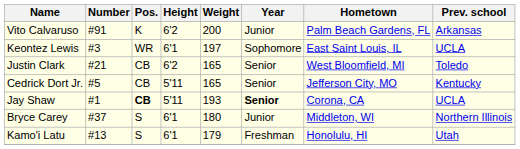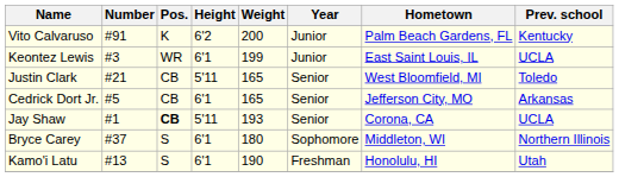 <table class="wikitable sortable">
 <tr>
 <th>Name</th>
 <th>Number</th>
 <th>Pos.</th>
 <th>Height</th>
 <th>Weight</th>
 <th>Year</th>
 <th>Hometown</th>
 <th class="unsortable">Prev. school</th>
 </tr>
 <tr style="background:#FFFFE6;">
 <td>Vito Calvaruso</td>
 <td>#91</td>
 <td>K</td>
 <td>6'2</td>
 <td>200</td>
 <td>Junior </td>
 <td><a href='#'>Palm Beach Gardens, FL</a></td>
-<td><a href='#'>Arkansas</a></td>
+<td><a href='#'>Kentucky</a></td>
 </tr>
 <tr style="background:#FFFFE6;">
 <td>Keontez Lewis</td>
 <td>#3</td>
 <td>WR</td>
 <td>6'1</td>
-<td>197</td>
-<td>Sophomore</td>
+<td>199</td>
+<td>Junior</td>
 <td><a href='#'>East Saint Louis, IL</a></td>
 <td><a href='#'>UCLA</a></td>
 </tr>
 <tr style="background:#FFFFE6;">
 <td>Justin Clark</td>
 <td>#21</td>
 <td>CB</td>
-<td>6'2</td>
+<td>5'11</td>
 <td>165</td>
 <td>Senior</td>
 <td><a href='#'>West Bloomfield, MI</a></td>
 <td><a href='#'>Toledo</a></td>
 </tr>
 <tr style="background:#FFFFE6;">
 <td>Cedrick Dort Jr.</td>
 <td>#5</td>
 <td>CB</td>
-<td>5'11</td>
+<td>6'1</td>
 <td>165</td>
 <td>Senior </td>
 <td><a href='#'>Jefferson City, MO</a></td>
-<td><a href='#'>Kentucky</a></td>
+<td><a href='#'>Arkansas</a></td>
 </tr>
 <tr style="background:#FFFFE6;">
 <td>Jay Shaw</td>
 <td>#1</td>
 <td><strong>CB</strong></td>
 <td>5'11</td>
 <td>193</td>
-<td><strong>Senior </strong></td>
+<td>Senior </td>
 <td><a href='#'>Corona, CA</a></td>
 <td><a href='#'>UCLA</a></td>
 </tr>
 <tr style="background:#FFFFE6;">
 <td>Bryce Carey</td>
 <td>#37</td>
 <td>S</td>
 <td>6'1</td>
 <td>180</td>
-<td>Junior</td>
+<td>Sophomore</td>
 <td><a href='#'>Middleton, WI</a></td>
 <td><a href='#'>Northern Illinois</a></td>
 </tr>
 <tr style="background:#FFFFE6;">
 <td>Kamo'i Latu</td>
 <td>#13</td>
 <td>S</td>
 <td>6'1</td>
-<td>179</td>
+<td>190</td>
 <td>Freshman </td>
 <td><a href='#'>Honolulu, HI</a></td>
 <td><a href='#'>Utah</a></td>
 </tr>
 <tr>
 </tr>
 </table>
